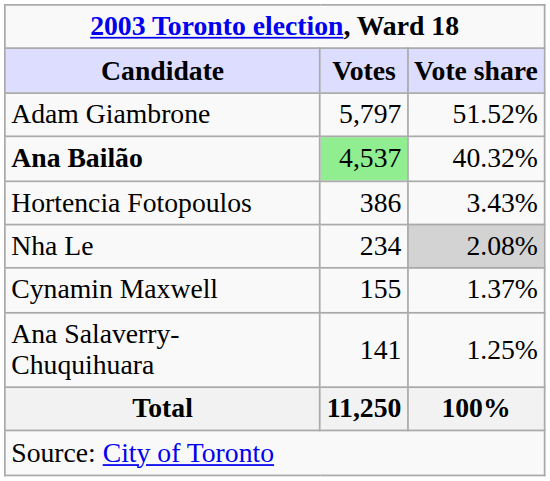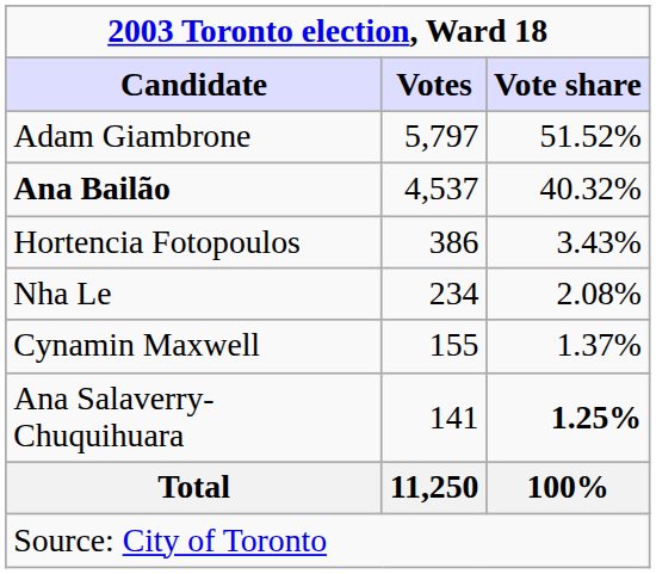 <table class="wikitable">
 <tr>
 <td colspan="3" style="text-align:center;"><strong><a href='#'>2003 Toronto election</a>, Ward 18</strong></td>
 </tr>
 <tr>
 <th style="background:#ddf; width:175px;">Candidate</th>
 <th style="background:#ddf;">Votes</th>
 <th style="background:#ddf;">Vote share</th>
 </tr>
 <tr>
 <td>Adam Giambrone</td>
 <td align=right>5,797</td>
 <td align=right>51.52%</td>
 </tr>
 <tr>
 <td><strong>Ana Bailão</strong></td>
-<td align="right" style="background: lightgreen;">4,537</td>
+<td align="right">4,537</td>
 <td align=right>40.32%</td>
 </tr>
 <tr>
 <td>Hortencia Fotopoulos</td>
 <td align=right>386</td>
 <td align=right>3.43%</td>
 </tr>
 <tr>
 <td>Nha Le</td>
 <td align=right>234</td>
-<td align=right style="background: lightgrey;">2.08%</td>
+<td align=right>2.08%</td>
 </tr>
 <tr>
 <td>Cynamin Maxwell</td>
 <td align=right>155</td>
 <td align=right>1.37%</td>
 </tr>
 <tr>
 <td>Ana Salaverry-Chuquihuara</td>
 <td align=right>141</td>
-<td align=right>1.25%</td>
+<td align=right><strong>1.25%</strong></td>
 </tr>
 <tr>
 <th>Total</th>
 <th align=right>11,250</th>
 <th align=right>100%</th>
 </tr>
 <tr>
 <td colspan="3">Source: <a href='#'>City of Toronto</a><strong></strong></td>
 </tr>
 </table>
